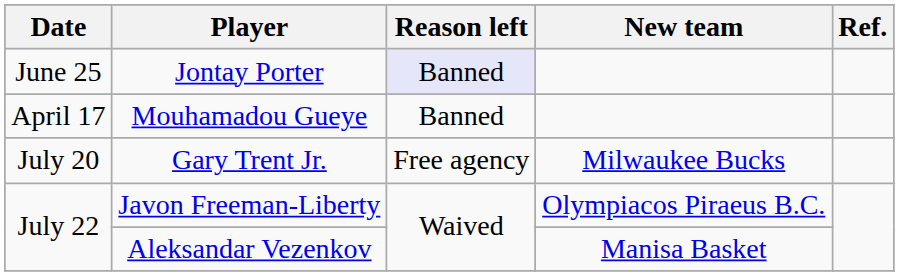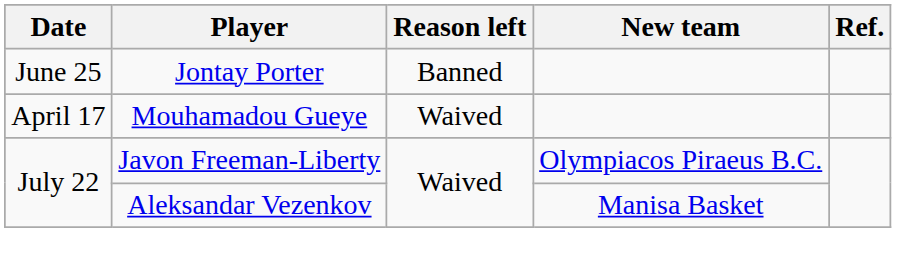 <table class="wikitable sortable sortable" style="text-align: center">
 <tr>
 <th>Date</th>
 <th>Player</th>
 <th>Reason left</th>
 <th>New team</th>
 <th>Ref.</th>
 </tr>
 <tr>
 <td>June 25</td>
 <td><a href='#'>Jontay Porter</a></td>
-<td style="background: lavender;">Banned</td>
+<td>Banned</td>
 <td></td>
 <td></td>
 </tr>
 <tr>
 <td>April 17</td>
 <td><a href='#'>Mouhamadou Gueye</a></td>
-<td>Banned</td>
+<td>Waived</td>
 <td></td>
-<td></td>
-</tr>
-<tr>
-<td>July 20</td>
-<td><a href='#'>Gary Trent Jr.</a></td>
-<td>Free agency</td>
-<td><a href='#'>Milwaukee Bucks</a></td>
 <td></td>
 </tr>
 <tr>
 <td rowspan=2>July 22</td>
 <td><a href='#'>Javon Freeman-Liberty</a></td>
 <td rowspan=2>Waived</td>
 <td> <a href='#'>Olympiacos Piraeus B.C.</a></td>
 <td rowspan=2></td>
 </tr>
 <tr>
 <td><a href='#'>Aleksandar Vezenkov</a></td>
 <td> <a href='#'>Manisa Basket</a></td>
 </tr>
 </table>
